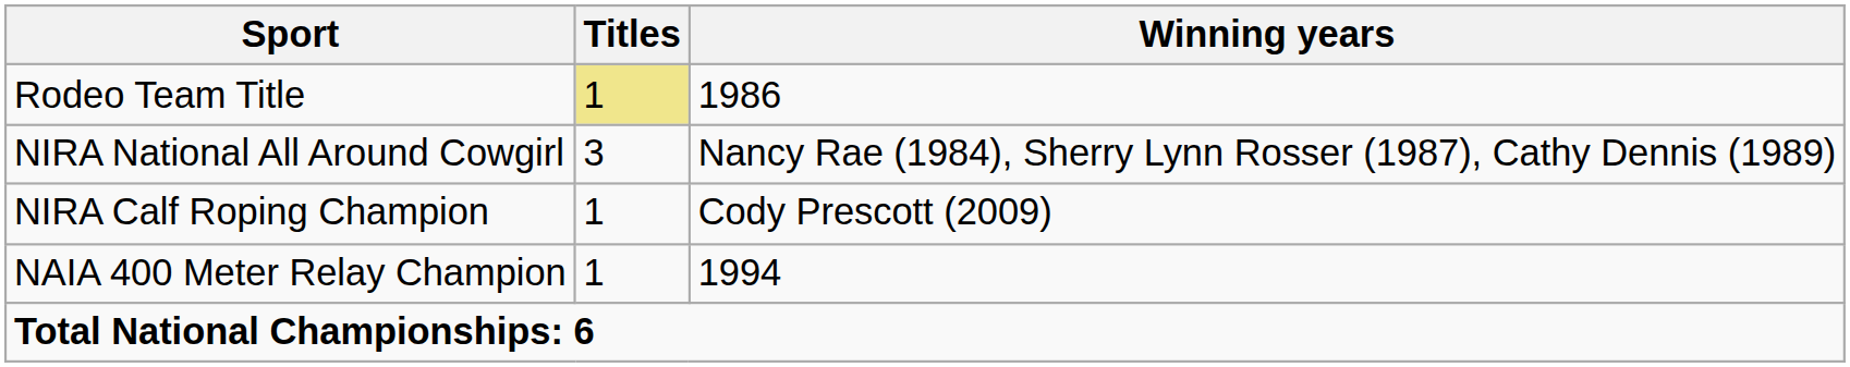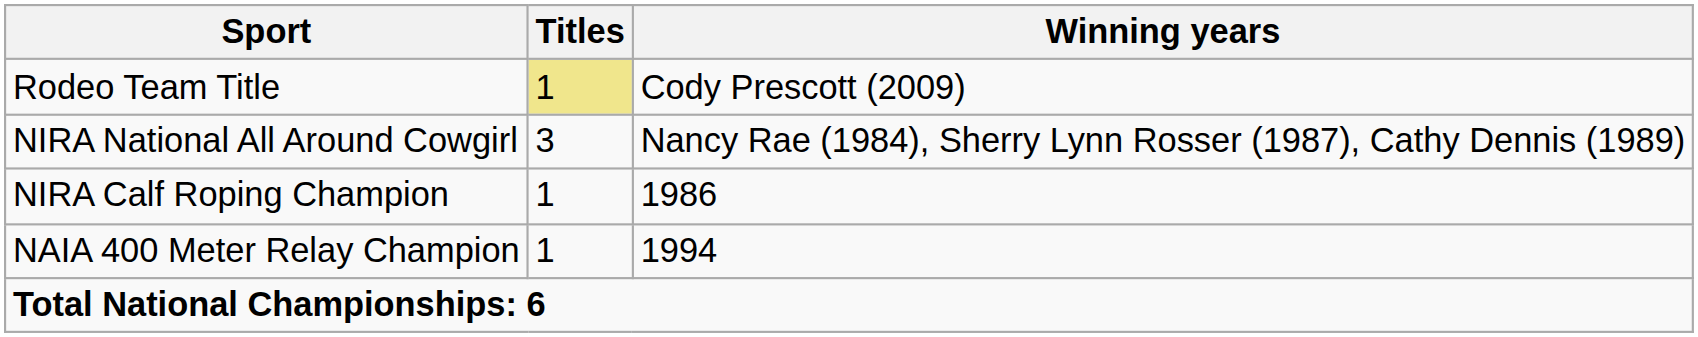 <table class= wikitable>
 <tr>
 <th width=px>Sport</th>
 <th width=px>Titles</th>
 <th width=px>Winning years</th>
 </tr>
 <tr>
 <td>Rodeo Team Title</td>
 <td style="background: khaki;">1</td>
-<td>1986</td>
+<td>Cody Prescott (2009)</td>
 </tr>
 <tr>
 <td>NIRA National All Around Cowgirl</td>
 <td>3</td>
 <td>Nancy Rae (1984), Sherry Lynn Rosser (1987), Cathy Dennis (1989)</td>
 </tr>
 <tr>
 <td>NIRA Calf Roping Champion</td>
 <td>1</td>
-<td>Cody Prescott (2009)</td>
+<td>1986</td>
 </tr>
 <tr>
 <td>NAIA 400 Meter Relay Champion</td>
 <td>1</td>
 <td>1994</td>
 </tr>
 <tr>
 <td colspan="4"><strong>Total National Championships: 6</strong></td>
 </tr>
 </table>
